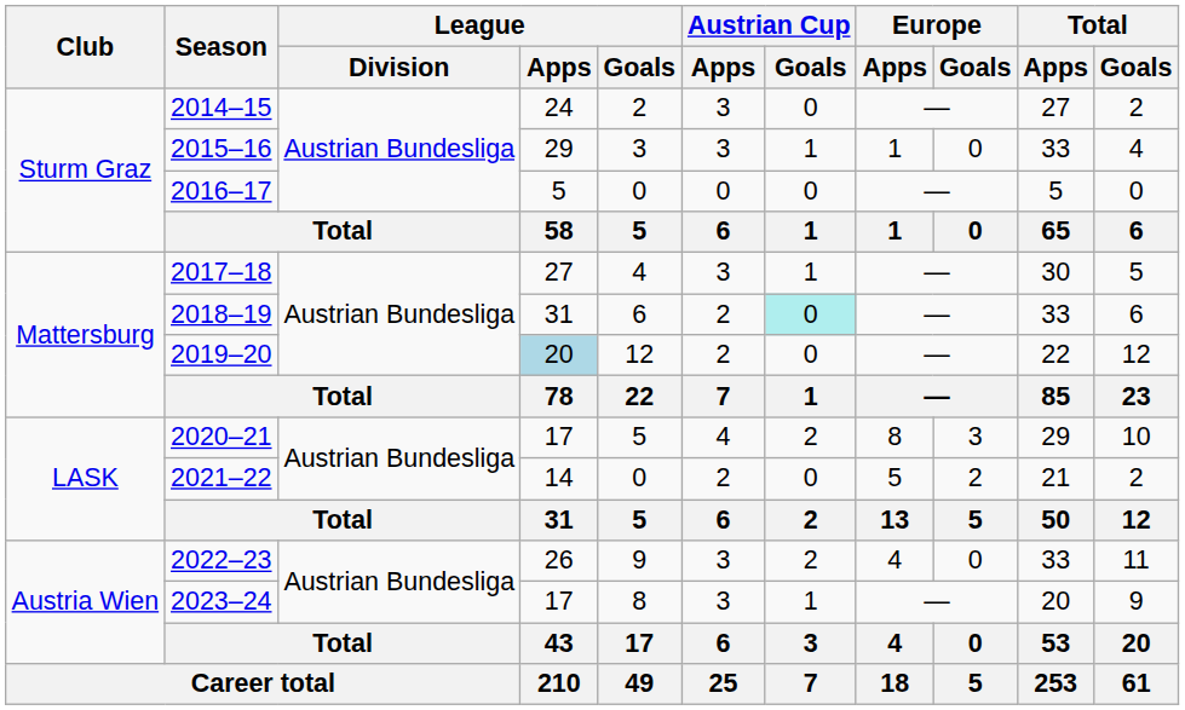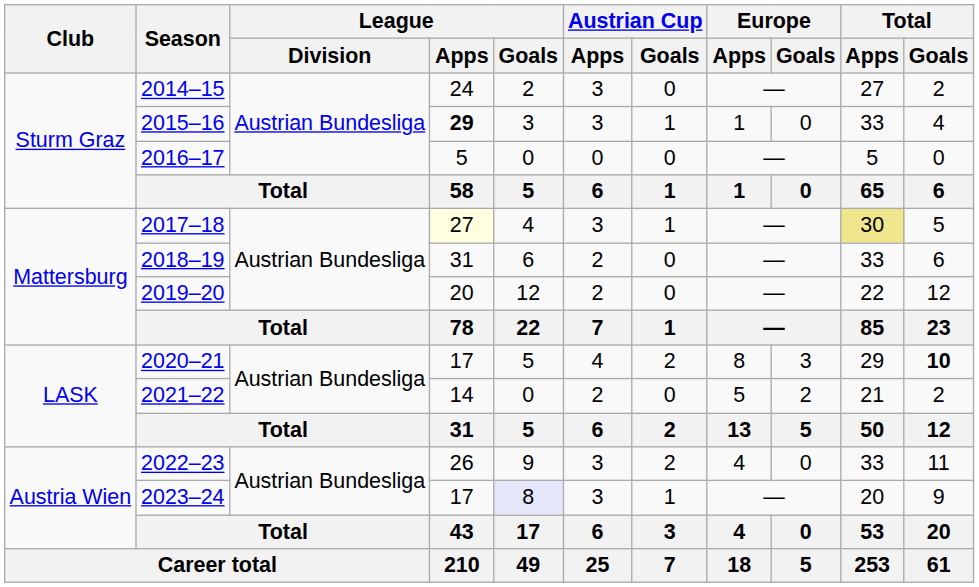 <table class="wikitable" style="text-align: center">
 <tr>
 <th rowspan="2">Club</th>
 <th rowspan="2">Season</th>
 <th colspan="3">League</th>
 <th colspan="2"><a href='#'>Austrian Cup</a></th>
 <th colspan="2">Europe</th>
 <th colspan="2">Total</th>
 </tr>
 <tr>
 <th>Division</th>
 <th>Apps</th>
 <th>Goals</th>
 <th>Apps</th>
 <th>Goals</th>
 <th>Apps</th>
 <th>Goals</th>
 <th>Apps</th>
 <th>Goals</th>
 </tr>
 <tr>
 <td rowspan="4"><a href='#'>Sturm Graz</a></td>
 <td><a href='#'>2014–15</a></td>
 <td rowspan="3"><a href='#'>Austrian Bundesliga</a></td>
 <td>24</td>
 <td>2</td>
 <td>3</td>
 <td>0</td>
 <td colspan="2">—</td>
 <td>27</td>
 <td>2</td>
 </tr>
 <tr>
 <td><a href='#'>2015–16</a></td>
-<td>29</td>
+<td><strong>29</strong></td>
 <td>3</td>
 <td>3</td>
 <td>1</td>
 <td>1</td>
 <td>0</td>
 <td>33</td>
 <td>4</td>
 </tr>
 <tr>
 <td><a href='#'>2016–17</a></td>
 <td>5</td>
 <td>0</td>
 <td>0</td>
 <td>0</td>
 <td colspan="2">—</td>
 <td>5</td>
 <td>0</td>
 </tr>
 <tr>
 <th colspan="2">Total</th>
 <th>58</th>
 <th>5</th>
 <th>6</th>
 <th>1</th>
 <th>1</th>
 <th>0</th>
 <th>65</th>
 <th>6</th>
 </tr>
 <tr>
 <td rowspan="4"><a href='#'>Mattersburg</a></td>
 <td><a href='#'>2017–18</a></td>
 <td rowspan="3">Austrian Bundesliga</td>
-<td>27</td>
+<td style="background: lightyellow;">27</td>
 <td>4</td>
 <td>3</td>
 <td>1</td>
 <td colspan="2">—</td>
-<td>30</td>
+<td style="background: khaki;">30</td>
 <td>5</td>
 </tr>
 <tr>
 <td><a href='#'>2018–19</a></td>
 <td>31</td>
 <td>6</td>
 <td>2</td>
-<td style="background: paleturquoise;">0</td>
+<td>0</td>
 <td colspan="2">—</td>
 <td>33</td>
 <td>6</td>
 </tr>
 <tr>
 <td><a href='#'>2019–20</a></td>
-<td style="background: lightblue;">20</td>
+<td>20</td>
 <td>12</td>
 <td>2</td>
 <td>0</td>
 <td colspan="2">—</td>
 <td>22</td>
 <td>12</td>
 </tr>
 <tr>
 <th colspan="2">Total</th>
 <th>78</th>
 <th>22</th>
 <th>7</th>
 <th>1</th>
 <th colspan="2">—</th>
 <th>85</th>
 <th>23</th>
 </tr>
 <tr>
 <td rowspan="3"><a href='#'>LASK</a></td>
 <td><a href='#'>2020–21</a></td>
 <td rowspan="2">Austrian Bundesliga</td>
 <td>17</td>
 <td>5</td>
 <td>4</td>
 <td>2</td>
 <td>8</td>
 <td>3</td>
 <td>29</td>
-<td>10</td>
+<td><strong>10</strong></td>
 </tr>
 <tr>
 <td><a href='#'>2021–22</a></td>
 <td>14</td>
 <td>0</td>
 <td>2</td>
 <td>0</td>
 <td>5</td>
 <td>2</td>
 <td>21</td>
 <td>2</td>
 </tr>
 <tr>
 <th colspan="2">Total</th>
 <th>31</th>
 <th>5</th>
 <th>6</th>
 <th>2</th>
 <th>13</th>
 <th>5</th>
 <th>50</th>
 <th>12</th>
 </tr>
 <tr>
 <td rowspan="3"><a href='#'>Austria Wien</a></td>
 <td><a href='#'>2022–23</a></td>
 <td rowspan="2">Austrian Bundesliga</td>
 <td>26</td>
 <td>9</td>
 <td>3</td>
 <td>2</td>
 <td>4</td>
 <td>0</td>
 <td>33</td>
 <td>11</td>
 </tr>
 <tr>
 <td><a href='#'>2023–24</a></td>
 <td>17</td>
-<td>8</td>
+<td style="background: lavender;">8</td>
 <td>3</td>
 <td>1</td>
 <td colspan="2">—</td>
 <td>20</td>
 <td>9</td>
 </tr>
 <tr>
 <th colspan="2">Total</th>
 <th>43</th>
 <th>17</th>
 <th>6</th>
 <th>3</th>
 <th>4</th>
 <th>0</th>
 <th>53</th>
 <th>20</th>
 </tr>
 <tr>
 <th colspan="3">Career total</th>
 <th>210</th>
 <th>49</th>
 <th>25</th>
 <th>7</th>
 <th>18</th>
 <th>5</th>
 <th>253</th>
 <th>61</th>
 </tr>
 </table>
